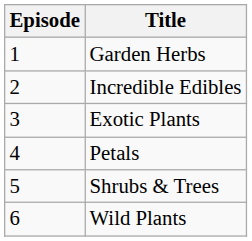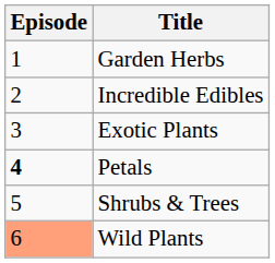 <table class="wikitable">
 <tr>
 <th>Episode</th>
 <th>Title</th>
 </tr>
 <tr>
 <td>1</td>
 <td>Garden Herbs</td>
 </tr>
 <tr>
 <td>2</td>
 <td>Incredible Edibles</td>
 </tr>
 <tr>
 <td>3</td>
 <td>Exotic Plants</td>
 </tr>
 <tr>
-<td>4</td>
+<td><strong>4</strong></td>
 <td>Petals</td>
 </tr>
 <tr>
 <td>5</td>
 <td>Shrubs & Trees</td>
 </tr>
 <tr>
-<td>6</td>
+<td style="background: lightsalmon;">6</td>
 <td>Wild Plants</td>
 </tr>
 </table>
